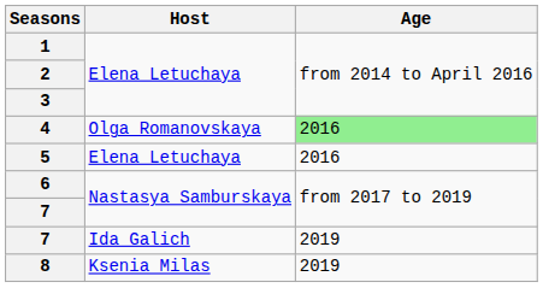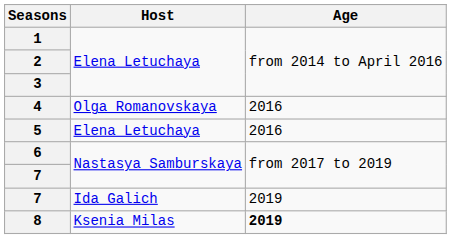 <table class="wikitable">
 <tr>
 <th>Seasons</th>
 <th>Host</th>
 <th>Age</th>
 </tr>
 <tr>
 <th>1</th>
 <td rowspan="3"><a href='#'>Elena Letuchaya</a></td>
 <td rowspan="3">from 2014 to April 2016</td>
 </tr>
 <tr>
 <th>2</th>
 </tr>
 <tr>
 <th>3</th>
 </tr>
 <tr>
 <th>4</th>
 <td><a href='#'>Olga Romanovskaya</a></td>
-<td style="background: lightgreen;">2016 </td>
+<td>2016 </td>
 </tr>
 <tr>
 <th>5</th>
 <td><a href='#'>Elena Letuchaya</a></td>
 <td>2016</td>
 </tr>
 <tr>
 <th>6</th>
 <td rowspan="2"><a href='#'>Nastasya Samburskaya</a></td>
 <td rowspan="2">from 2017 to 2019</td>
 </tr>
 <tr>
 <th>7</th>
 </tr>
 <tr>
 <th>7</th>
 <td><a href='#'>Ida Galich</a></td>
 <td>2019</td>
 </tr>
 <tr>
 <th>8</th>
 <td><a href='#'>Ksenia Milas</a></td>
-<td>2019</td>
+<td><strong>2019</strong></td>
 </tr>
 </table>
